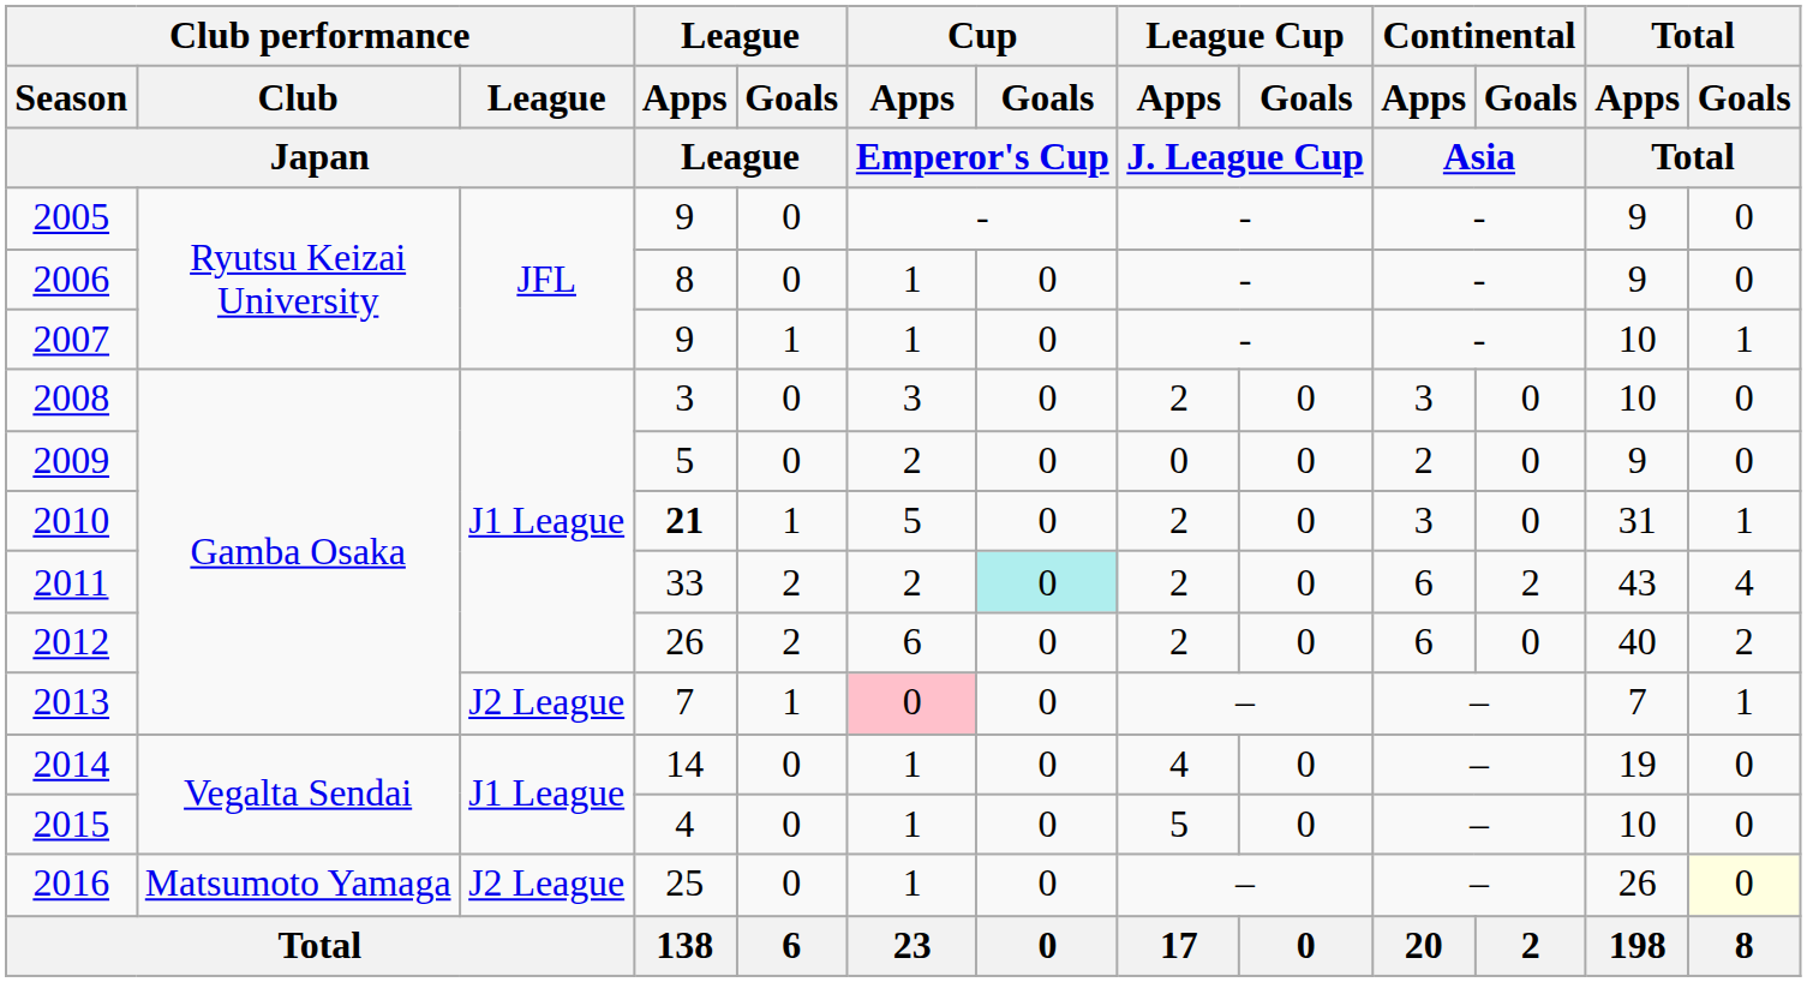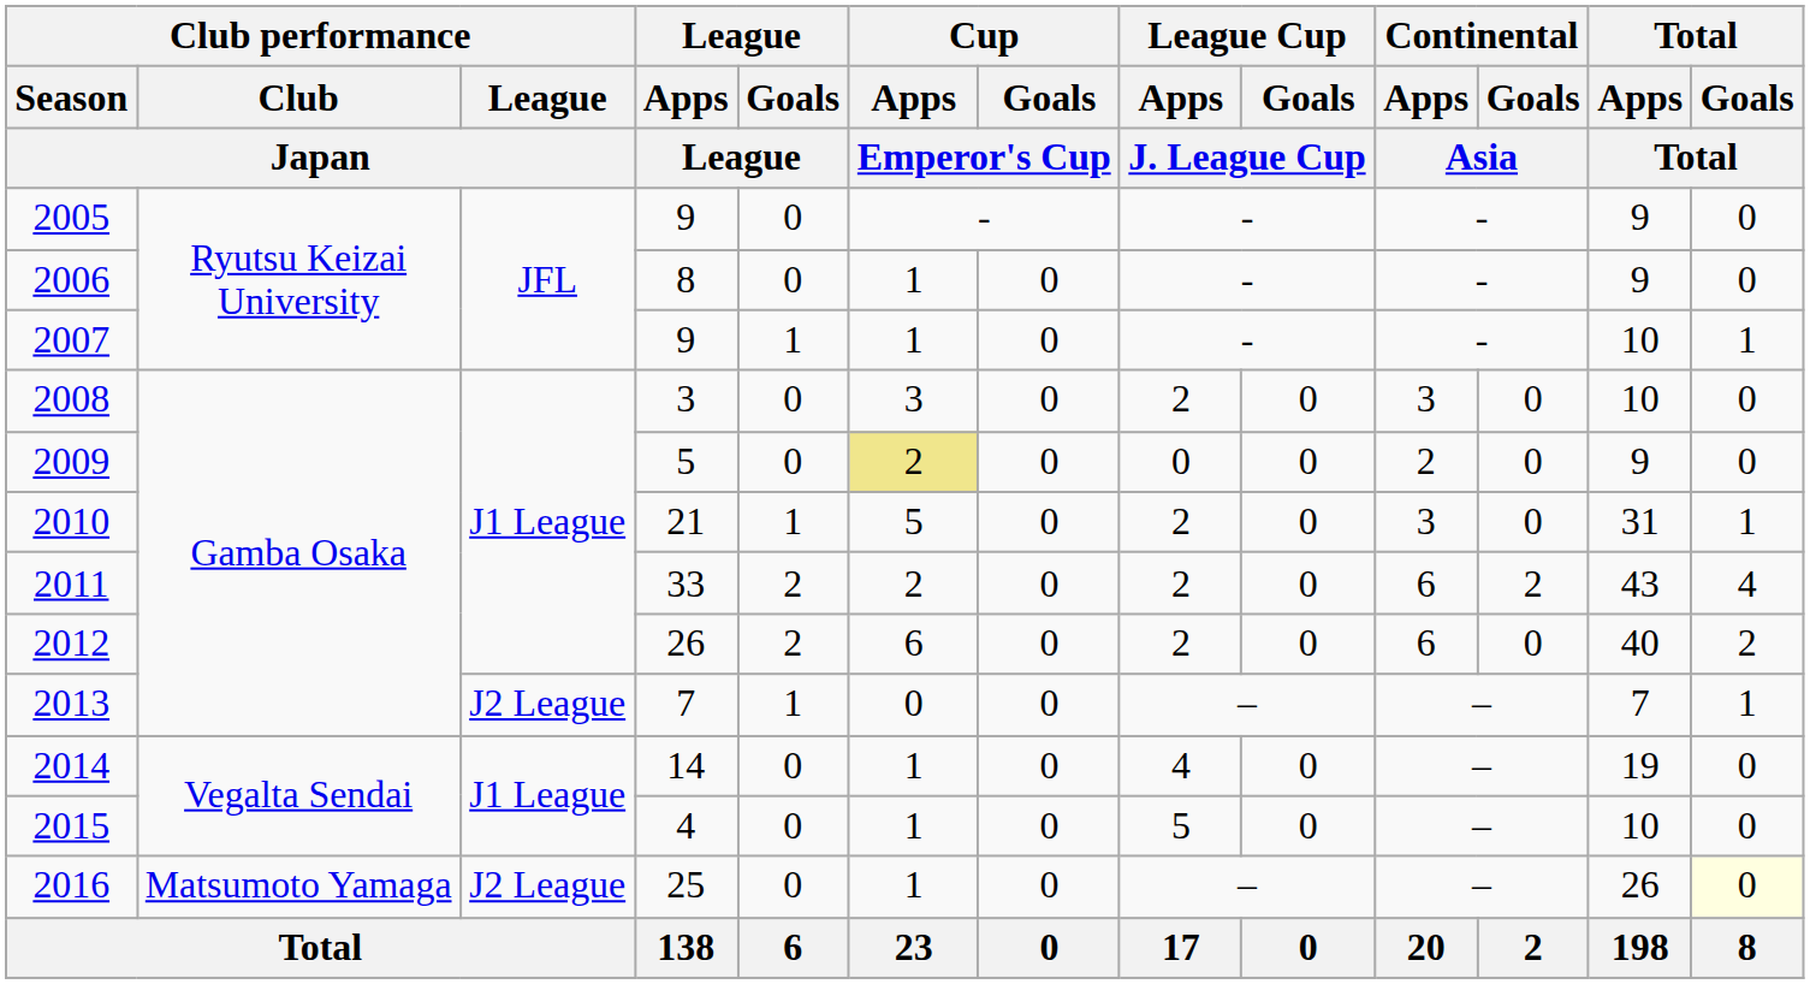 <table class="wikitable" style="text-align:center;">
 <tr>
 <th colspan=3>Club performance</th>
 <th colspan=2>League</th>
 <th colspan=2>Cup</th>
 <th colspan=2>League Cup</th>
 <th colspan=2>Continental</th>
 <th colspan=2>Total</th>
 </tr>
 <tr>
 <th>Season</th>
 <th>Club</th>
 <th>League</th>
 <th>Apps</th>
 <th>Goals</th>
 <th>Apps</th>
 <th>Goals</th>
 <th>Apps</th>
 <th>Goals</th>
 <th>Apps</th>
 <th>Goals</th>
 <th>Apps</th>
 <th>Goals</th>
 </tr>
 <tr>
 <th colspan=3>Japan</th>
 <th colspan=2>League</th>
 <th colspan=2><a href='#'>Emperor's Cup</a></th>
 <th colspan=2><a href='#'>J. League Cup</a></th>
 <th colspan=2><a href='#'>Asia</a></th>
 <th colspan=2>Total</th>
 </tr>
 <tr>
 <td><a href='#'>2005</a></td>
 <td rowspan="3"><a href='#'>Ryutsu Keizai<br>University</a></td>
 <td rowspan="3"><a href='#'>JFL</a></td>
 <td>9</td>
 <td>0</td>
 <td colspan="2">-</td>
 <td colspan="2">-</td>
 <td colspan="2">-</td>
 <td>9</td>
 <td>0</td>
 </tr>
 <tr>
 <td><a href='#'>2006</a></td>
 <td>8</td>
 <td>0</td>
 <td>1</td>
 <td>0</td>
 <td colspan="2">-</td>
 <td colspan="2">-</td>
 <td>9</td>
 <td>0</td>
 </tr>
 <tr>
 <td><a href='#'>2007</a></td>
 <td>9</td>
 <td>1</td>
 <td>1</td>
 <td>0</td>
 <td colspan="2">-</td>
 <td colspan="2">-</td>
 <td>10</td>
 <td>1</td>
 </tr>
 <tr>
 <td><a href='#'>2008</a></td>
 <td rowspan="6"><a href='#'>Gamba Osaka</a></td>
 <td rowspan="5"><a href='#'>J1 League</a></td>
 <td>3</td>
 <td>0</td>
 <td>3</td>
 <td>0</td>
 <td>2</td>
 <td>0</td>
 <td>3</td>
 <td>0</td>
 <td>10</td>
 <td>0</td>
 </tr>
 <tr>
 <td><a href='#'>2009</a></td>
 <td>5</td>
 <td>0</td>
-<td>2</td>
+<td style="background: khaki;">2</td>
 <td>0</td>
 <td>0</td>
 <td>0</td>
 <td>2</td>
 <td>0</td>
 <td>9</td>
 <td>0</td>
 </tr>
 <tr>
 <td><a href='#'>2010</a></td>
-<td><strong>21</strong></td>
+<td>21</td>
 <td>1</td>
 <td>5</td>
 <td>0</td>
 <td>2</td>
 <td>0</td>
 <td>3</td>
 <td>0</td>
 <td>31</td>
 <td>1</td>
 </tr>
 <tr>
 <td><a href='#'>2011</a></td>
 <td>33</td>
 <td>2</td>
 <td>2</td>
-<td style="background: paleturquoise;">0</td>
+<td>0</td>
 <td>2</td>
 <td>0</td>
 <td>6</td>
 <td>2</td>
 <td>43</td>
 <td>4</td>
 </tr>
 <tr>
 <td><a href='#'>2012</a></td>
 <td>26</td>
 <td>2</td>
 <td>6</td>
 <td>0</td>
 <td>2</td>
 <td>0</td>
 <td>6</td>
 <td>0</td>
 <td>40</td>
 <td>2</td>
 </tr>
 <tr>
 <td><a href='#'>2013</a></td>
 <td rowspan="1"><a href='#'>J2 League</a></td>
 <td>7</td>
 <td>1</td>
-<td style="background: pink;">0</td>
+<td>0</td>
 <td>0</td>
 <td colspan="2">–</td>
 <td colspan="2">–</td>
 <td>7</td>
 <td>1</td>
 </tr>
 <tr>
 <td><a href='#'>2014</a></td>
 <td rowspan="2"><a href='#'>Vegalta Sendai</a></td>
 <td rowspan="2"><a href='#'>J1 League</a></td>
 <td>14</td>
 <td>0</td>
 <td>1</td>
 <td>0</td>
 <td>4</td>
 <td>0</td>
 <td colspan="2">–</td>
 <td>19</td>
 <td>0</td>
 </tr>
 <tr>
 <td><a href='#'>2015</a></td>
 <td>4</td>
 <td>0</td>
 <td>1</td>
 <td>0</td>
 <td>5</td>
 <td>0</td>
 <td colspan="2">–</td>
 <td>10</td>
 <td>0</td>
 </tr>
 <tr>
 <td><a href='#'>2016</a></td>
 <td rowspan="1"><a href='#'>Matsumoto Yamaga</a></td>
 <td rowspan="1"><a href='#'>J2 League</a></td>
 <td>25</td>
 <td>0</td>
 <td>1</td>
 <td>0</td>
 <td colspan="2">–</td>
 <td colspan="2">–</td>
 <td>26</td>
 <td style="background: lightyellow;">0</td>
 </tr>
 <tr>
 <th colspan=3>Total</th>
 <th>138</th>
 <th>6</th>
 <th>23</th>
 <th>0</th>
 <th>17</th>
 <th>0</th>
 <th>20</th>
 <th>2</th>
 <th>198</th>
 <th>8</th>
 </tr>
 </table>
